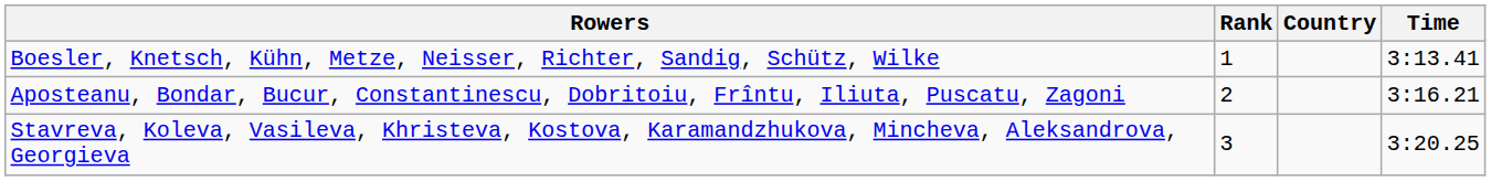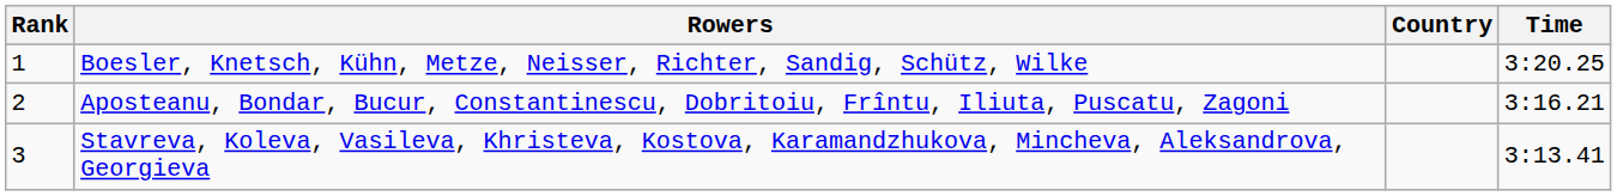 <table class="wikitable">
 <tr>
+<th>Rank</th>
 <th>Rowers</th>
-<th>Rank</th>
 <th>Country</th>
 <th>Time</th>
 </tr>
 <tr>
+<td>1</td>
 <td><a href='#'>Boesler</a>, <a href='#'>Knetsch</a>, <a href='#'>Kühn</a>, <a href='#'>Metze</a>, <a href='#'>Neisser</a>, <a href='#'>Richter</a>, <a href='#'>Sandig</a>, <a href='#'>Schütz</a>, <a href='#'>Wilke</a></td>
-<td>1</td>
 <td></td>
-<td>3:13.41</td>
+<td>3:20.25</td>
 </tr>
 <tr>
+<td>2</td>
 <td><a href='#'>Aposteanu</a>, <a href='#'>Bondar</a>, <a href='#'>Bucur</a>, <a href='#'>Constantinescu</a>, <a href='#'>Dobritoiu</a>, <a href='#'>Frîntu</a>, <a href='#'>Iliuta</a>, <a href='#'>Puscatu</a>, <a href='#'>Zagoni</a></td>
-<td>2</td>
 <td></td>
 <td>3:16.21</td>
 </tr>
 <tr>
+<td>3</td>
 <td><a href='#'>Stavreva</a>, <a href='#'>Koleva</a>, <a href='#'>Vasileva</a>, <a href='#'>Khristeva</a>, <a href='#'>Kostova</a>, <a href='#'>Karamandzhukova</a>, <a href='#'>Mincheva</a>, <a href='#'>Aleksandrova</a>, <a href='#'>Georgieva</a></td>
-<td>3</td>
 <td></td>
-<td>3:20.25</td>
+<td>3:13.41</td>
 </tr>
 </table>
